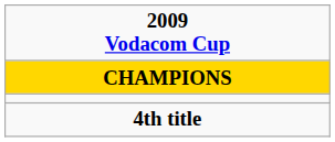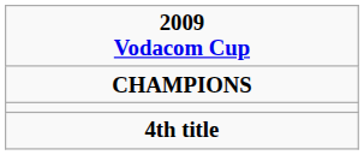 <table class="wikitable" style="text-align: center; margin: 0 auto; width: 20%">
 <tr>
 <td><strong>2009</strong> <br> <strong><a href='#'>Vodacom Cup</a></strong></td>
 </tr>
 <tr>
-<td style="background: gold;"><strong>CHAMPIONS</strong></td>
+<td><strong>CHAMPIONS</strong></td>
 </tr>
 <tr>
 <td><strong></strong></td>
 </tr>
 <tr>
 <td><strong>4th title</strong></td>
 </tr>
 </table>
